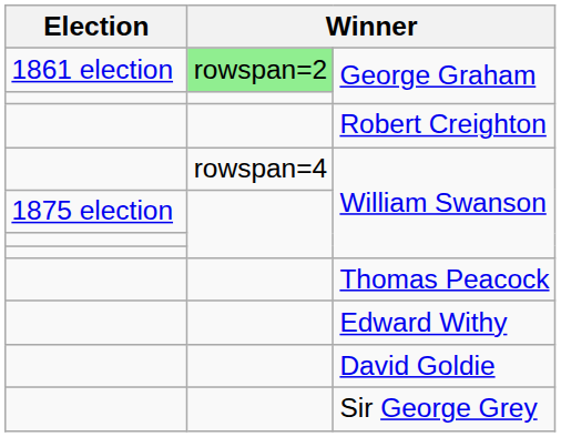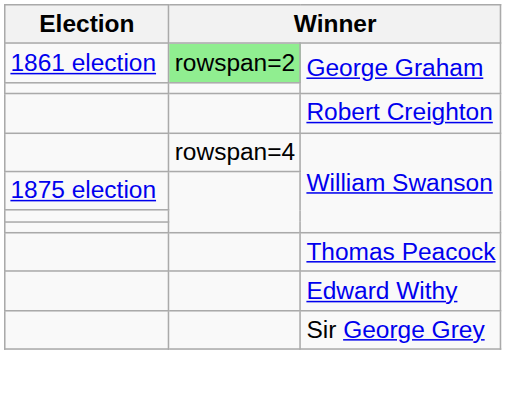 <table class=wikitable>
 <tr>
 <th width=100>Election</th>
 <th width=175 colspan=2>Winner</th>
 </tr>
 <tr>
 <td><a href='#'>1861 election</a></td>
 <td style="background: lightgreen;">rowspan=2 </td>
 <td rowspan=2><a href='#'>George Graham</a></td>
 </tr>
 <tr>
 <td></td>
 </tr>
 <tr>
 <td></td>
 <td></td>
 <td><a href='#'>Robert Creighton</a></td>
 </tr>
 <tr>
 <td></td>
 <td>rowspan=4 </td>
 <td rowspan=4><a href='#'>William Swanson</a></td>
 </tr>
 <tr>
 <td><a href='#'>1875 election</a></td>
 </tr>
 <tr>
 <td></td>
 </tr>
 <tr>
 <td></td>
 </tr>
 <tr>
 <td></td>
 <td></td>
 <td><a href='#'>Thomas Peacock</a></td>
 </tr>
 <tr>
 <td></td>
 <td></td>
 <td><a href='#'>Edward Withy</a></td>
 </tr>
 <tr>
 <td></td>
 <td></td>
-<td><a href='#'>David Goldie</a></td>
-</tr>
-<tr>
-<td></td>
-<td></td>
 <td>Sir <a href='#'>George Grey</a></td>
 </tr>
 </table>
